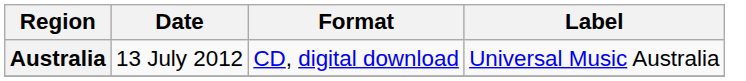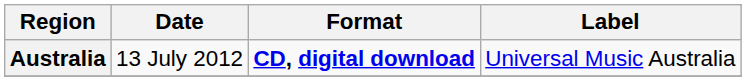 <table class="wikitable plainrowheaders">
 <tr>
 <th scope="col">Region</th>
 <th scope="col">Date</th>
 <th scope="col">Format</th>
 <th scope="col">Label</th>
 </tr>
 <tr>
 <th scope="row">Australia</th>
 <td>13 July 2012</td>
-<td><a href='#'>CD</a>, <a href='#'>digital download</a></td>
+<td><strong><a href='#'>CD</a>, <a href='#'>digital download</a></strong></td>
 <td><a href='#'>Universal Music</a> Australia</td>
 </tr>
 <tr>
 </tr>
 </table>
